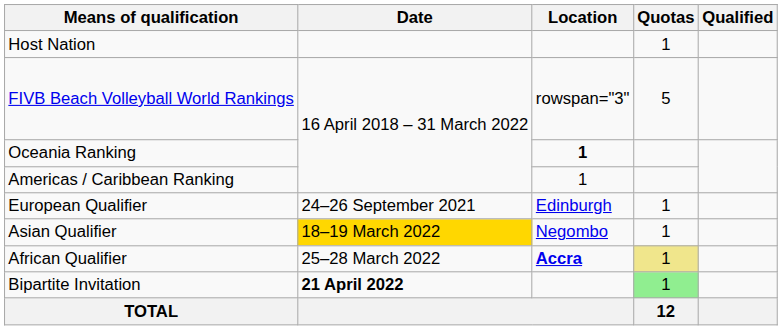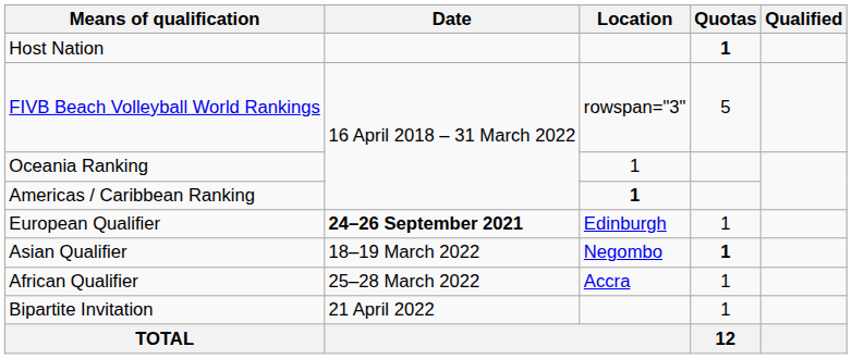 <table class="wikitable">
 <tr>
 <th>Means of qualification</th>
 <th>Date</th>
 <th>Location</th>
 <th>Quotas</th>
 <th>Qualified</th>
 </tr>
 <tr>
 <td>Host Nation</td>
 <td></td>
 <td></td>
-<td align=center>1</td>
+<td align=center><strong>1</strong></td>
 <td></td>
 </tr>
 <tr>
 <td><a href='#'>FIVB Beach Volleyball World Rankings</a></td>
 <td rowspan=3>16 April 2018 – 31 March 2022</td>
 <td>rowspan="3" </td>
 <td align=center>5</td>
 <td><br><br><br><br></td>
 </tr>
 <tr>
 <td>Oceania Ranking</td>
+<td align=center>1</td>
+<td></td>
+</tr>
+<tr>
+<td>Americas / Caribbean Ranking</td>
 <td align=center><strong>1</strong></td>
 <td></td>
 </tr>
 <tr>
-<td>Americas / Caribbean Ranking</td>
-<td align=center>1</td>
-<td></td>
-</tr>
-<tr>
 <td>European Qualifier</td>
-<td>24–26 September 2021</td>
+<td><strong>24–26 September 2021</strong></td>
 <td> <a href='#'>Edinburgh</a></td>
 <td align=center>1</td>
 <td></td>
 </tr>
 <tr>
 <td>Asian Qualifier</td>
-<td style="background: gold;">18–19 March 2022</td>
+<td>18–19 March 2022</td>
 <td> <a href='#'>Negombo</a></td>
-<td align=center>1</td>
+<td align=center><strong>1</strong></td>
 <td></td>
 </tr>
 <tr>
 <td>African Qualifier</td>
 <td>25–28 March 2022</td>
-<td><strong> <a href='#'>Accra</a></strong></td>
-<td align=center style="background: khaki;">1</td>
+<td> <a href='#'>Accra</a></td>
+<td align=center>1</td>
 <td></td>
 </tr>
 <tr>
 <td>Bipartite Invitation</td>
-<td><strong>21 April 2022</strong></td>
+<td>21 April 2022</td>
 <td></td>
-<td align=center style="background: lightgreen;">1</td>
+<td align=center>1</td>
 <td></td>
 </tr>
 <tr>
 <th>TOTAL</th>
 <th colspan="2"></th>
 <th>12</th>
 <th></th>
 </tr>
 </table>
